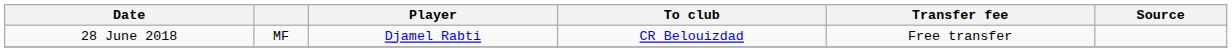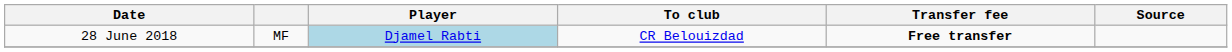 <table class="wikitable sortable" style="width:80%; text-align:center; font-size:85%; text-align:centre;">
 <tr>
 <th>Date</th>
 <th></th>
 <th>Player</th>
 <th>To club</th>
 <th>Transfer fee</th>
 <th>Source</th>
 </tr>
 <tr>
 <td>28 June 2018</td>
 <td>MF</td>
-<td> <a href='#'>Djamel Rabti</a></td>
+<td style="background: lightblue;"> <a href='#'>Djamel Rabti</a></td>
 <td><a href='#'>CR Belouizdad</a></td>
-<td>Free transfer</td>
+<td><strong>Free transfer</strong></td>
 <td></td>
 </tr>
 <tr>
 </tr>
 </table>
